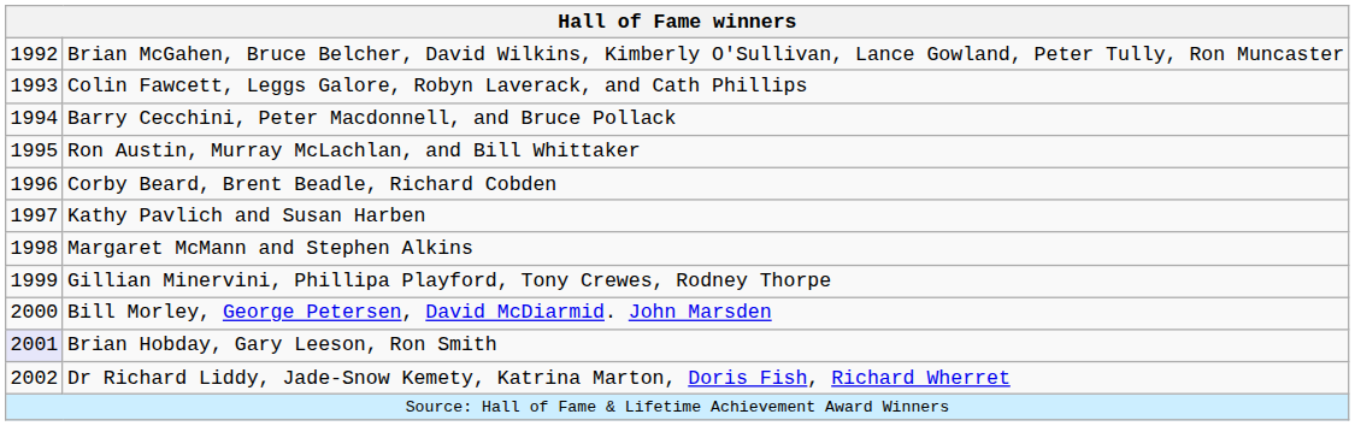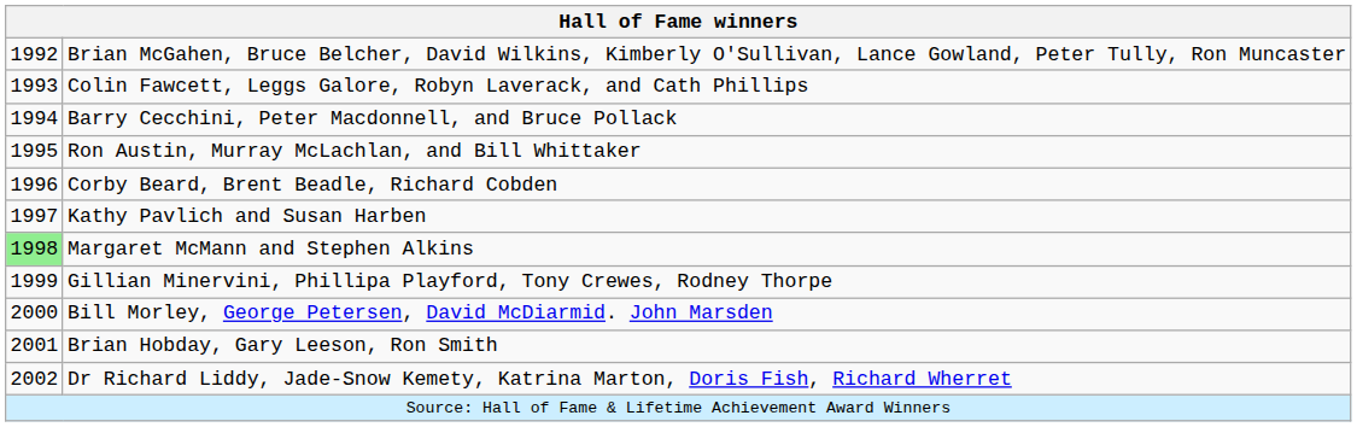 <table class="wikitable collapsible collapsed" border="1">
 <tr>
 <th colspan=2>Hall of Fame winners</th>
 </tr>
 <tr>
 <td>1992</td>
 <td>Brian McGahen, Bruce Belcher, David Wilkins, Kimberly O'Sullivan, Lance Gowland, Peter Tully, Ron Muncaster</td>
 </tr>
 <tr>
 <td>1993</td>
 <td>Colin Fawcett, Leggs Galore, Robyn Laverack, and Cath Phillips</td>
 </tr>
 <tr>
 <td>1994</td>
 <td>Barry Cecchini, Peter Macdonnell, and Bruce Pollack</td>
 </tr>
 <tr>
 <td>1995</td>
 <td>Ron Austin, Murray McLachlan, and Bill Whittaker</td>
 </tr>
 <tr>
 <td>1996</td>
 <td>Corby Beard, Brent Beadle, Richard Cobden</td>
 </tr>
 <tr>
 <td>1997</td>
 <td>Kathy Pavlich and Susan Harben</td>
 </tr>
 <tr>
-<td>1998</td>
+<td style="background: lightgreen;">1998</td>
 <td>Margaret McMann and Stephen Alkins</td>
 </tr>
 <tr>
 <td>1999</td>
 <td>Gillian Minervini, Phillipa Playford, Tony Crewes, Rodney Thorpe</td>
 </tr>
 <tr>
 <td>2000</td>
 <td>Bill Morley, <a href='#'>George Petersen</a>, <a href='#'>David McDiarmid</a>. <a href='#'>John Marsden</a></td>
 </tr>
 <tr>
-<td style="background: lavender;">2001</td>
+<td>2001</td>
 <td>Brian Hobday, Gary Leeson, Ron Smith</td>
 </tr>
 <tr>
 <td>2002</td>
 <td>Dr Richard Liddy, Jade-Snow Kemety, Katrina Marton, <a href='#'>Doris Fish</a>, <a href='#'>Richard Wherret</a></td>
 </tr>
 <tr>
 <td colspan="2" style="font-size:80%; background:#cef; text-align:center;">Source: Hall of Fame & Lifetime Achievement Award Winners</td>
 </tr>
 </table>
